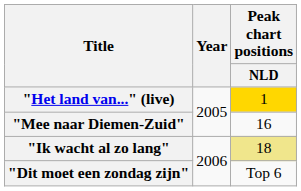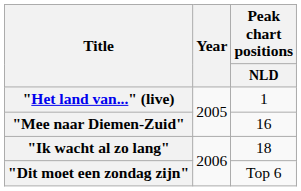 <table class="wikitable plainrowheaders" style="text-align:center;">
 <tr>
 <th scope="col" rowspan="2">Title</th>
 <th scope="col" rowspan="2">Year</th>
 <th scope="col">Peak chart positions</th>
 </tr>
 <tr>
 <th scope="col" style="width:3em;font-size:90%;">NLD<br></th>
 </tr>
 <tr>
 <th scope="row">"<a href='#'>Het land van...</a>" (live)</th>
 <td rowspan=2>2005</td>
-<td style="background: gold;">1</td>
+<td>1</td>
 </tr>
 <tr>
 <th scope="row">"Mee naar Diemen-Zuid"</th>
 <td>16</td>
 </tr>
 <tr>
 <th scope="row">"Ik wacht al zo lang"</th>
 <td rowspan=2>2006</td>
-<td style="background: khaki;">18</td>
+<td>18</td>
 </tr>
 <tr>
 <th scope="row">"Dit moet een zondag zijn"</th>
 <td>Top 6</td>
 </tr>
 </table>
